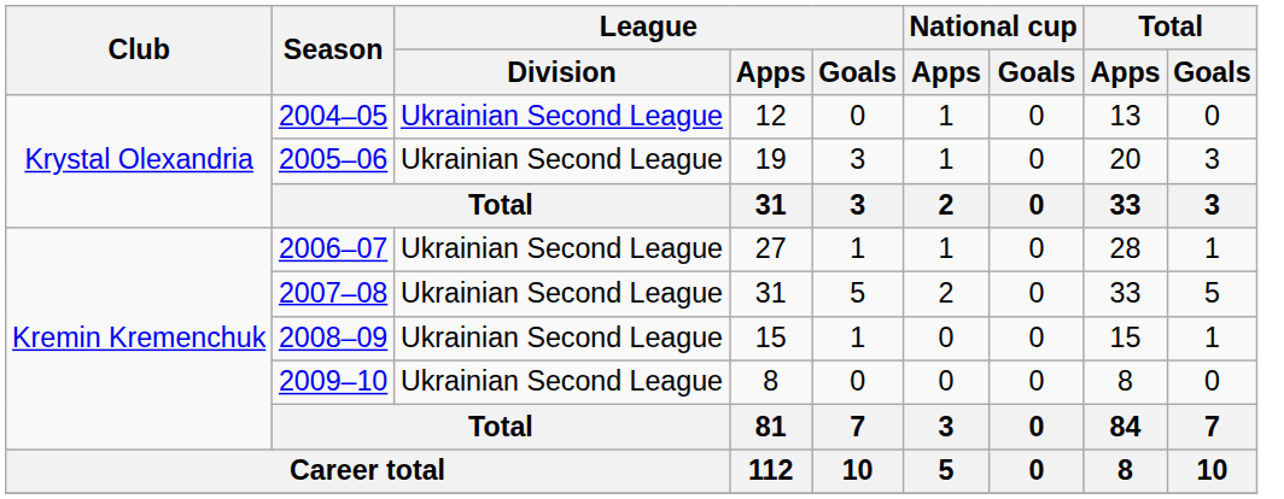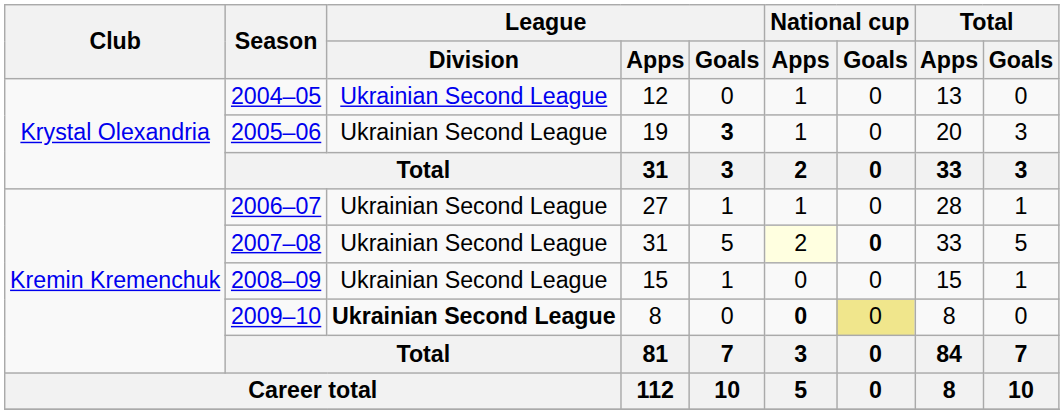 <table class="wikitable sortable" style="text-align: center;">
 <tr>
 <th rowspan="2">Club</th>
 <th rowspan="2">Season</th>
 <th colspan="3">League</th>
 <th colspan="2">National cup</th>
 <th colspan="2">Total</th>
 </tr>
 <tr>
 <th>Division</th>
 <th>Apps</th>
 <th>Goals</th>
 <th>Apps</th>
 <th>Goals</th>
 <th>Apps</th>
 <th>Goals</th>
 </tr>
 <tr>
 <td rowspan="3"><a href='#'>Krystal Olexandria</a></td>
 <td><a href='#'>2004–05</a></td>
 <td><a href='#'>Ukrainian Second League</a></td>
 <td>12</td>
 <td>0</td>
 <td>1</td>
 <td>0</td>
 <td>13</td>
 <td>0</td>
 </tr>
 <tr>
 <td><a href='#'>2005–06</a></td>
 <td>Ukrainian Second League</td>
 <td>19</td>
-<td>3</td>
+<td><strong>3</strong></td>
 <td>1</td>
 <td>0</td>
 <td>20</td>
 <td>3</td>
 </tr>
 <tr>
 <th colspan="2">Total</th>
 <th>31</th>
 <th>3</th>
 <th>2</th>
 <th>0</th>
 <th>33</th>
 <th>3</th>
 </tr>
 <tr>
 <td rowspan="5"><a href='#'>Kremin Kremenchuk</a></td>
 <td><a href='#'>2006–07</a></td>
 <td>Ukrainian Second League</td>
 <td>27</td>
 <td>1</td>
 <td>1</td>
 <td>0</td>
 <td>28</td>
 <td>1</td>
 </tr>
 <tr>
 <td><a href='#'>2007–08</a></td>
 <td>Ukrainian Second League</td>
 <td>31</td>
 <td>5</td>
-<td>2</td>
-<td>0</td>
+<td style="background: lightyellow;">2</td>
+<td><strong>0</strong></td>
 <td>33</td>
 <td>5</td>
 </tr>
 <tr>
 <td><a href='#'>2008–09</a></td>
 <td>Ukrainian Second League</td>
 <td>15</td>
 <td>1</td>
 <td>0</td>
 <td>0</td>
 <td>15</td>
 <td>1</td>
 </tr>
 <tr>
 <td><a href='#'>2009–10</a></td>
-<td>Ukrainian Second League</td>
+<td><strong>Ukrainian Second League</strong></td>
 <td>8</td>
 <td>0</td>
-<td>0</td>
-<td>0</td>
+<td><strong>0</strong></td>
+<td style="background: khaki;">0</td>
 <td>8</td>
 <td>0</td>
 </tr>
 <tr>
 <th colspan="2">Total</th>
 <th>81</th>
 <th>7</th>
 <th>3</th>
 <th>0</th>
 <th>84</th>
 <th>7</th>
 </tr>
 <tr>
 <th colspan="3">Career total</th>
 <th>112</th>
 <th>10</th>
 <th>5</th>
 <th>0</th>
 <th>8</th>
 <th>10</th>
 </tr>
 <tr>
 </tr>
 </table>
